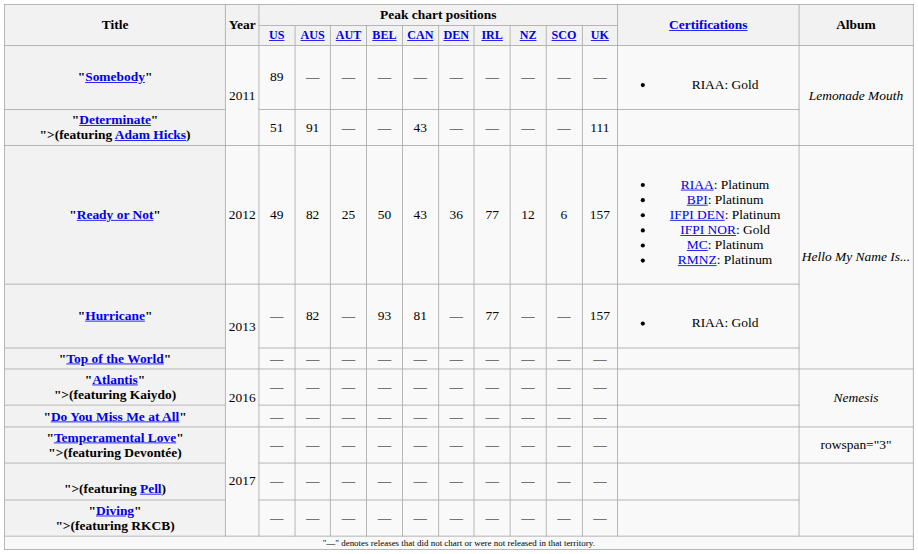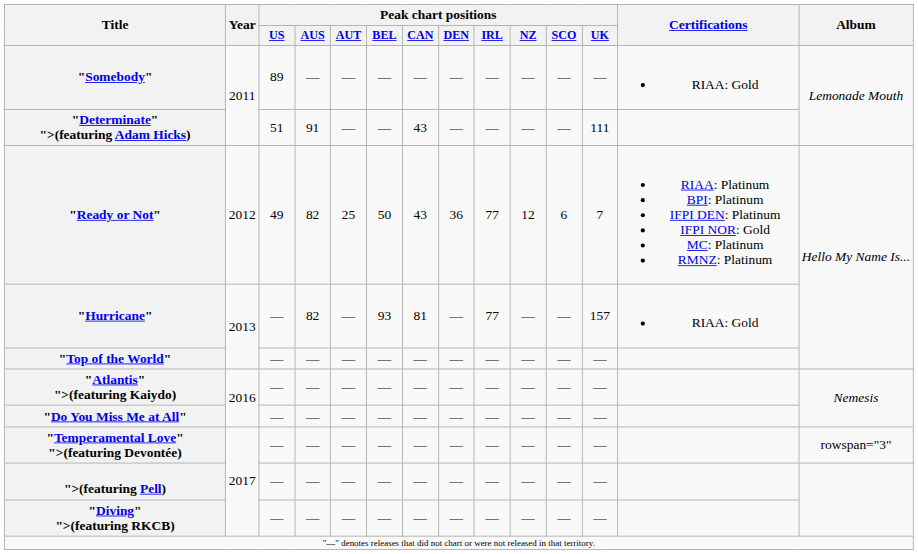 <table class="wikitable plainrowheaders" style="text-align:center;" border="1">
 <tr>
 <th scope="col" rowspan="2" style="width:16em;">Title</th>
 <th scope="col" rowspan="2">Year</th>
 <th scope="col" colspan="10">Peak chart positions</th>
 <th scope="col" rowspan="2" style="width:13em;"><a href='#'>Certifications</a></th>
 <th scope="col" rowspan="2">Album</th>
 </tr>
 <tr>
 <th scope="col" style="width:2.5em;font-size:90%;"><a href='#'>US</a><br></th>
 <th scope="col" style="width:2.5em;font-size:90%;"><a href='#'>AUS</a><br></th>
 <th scope="col" style="width:2.5em;font-size:90%;"><a href='#'>AUT</a><br></th>
 <th scope="col" style="width:2.5em;font-size:90%;"><a href='#'>BEL</a><br></th>
 <th scope="col" style="width:2.5em;font-size:90%;"><a href='#'>CAN</a><br></th>
 <th scope="col" style="width:2.5em;font-size:90%;"><a href='#'>DEN</a><br></th>
 <th scope="col" style="width:2.5em;font-size:90%;"><a href='#'>IRL</a><br></th>
 <th scope="col" style="width:2.5em;font-size:90%;"><a href='#'>NZ</a><br></th>
 <th scope="col" style="width:2.5em;font-size:90%;"><a href='#'>SCO</a><br></th>
 <th scope="col" style="width:2.5em;font-size:90%;"><a href='#'>UK</a><br></th>
 </tr>
 <tr>
 <th scope="row">"<a href='#'>Somebody</a>"</th>
 <td rowspan="2">2011</td>
 <td>89</td>
 <td>—</td>
 <td>—</td>
 <td>—</td>
 <td>—</td>
 <td>—</td>
 <td>—</td>
 <td>—</td>
 <td>—</td>
 <td>—</td>
 <td><br><ul><li>RIAA: Gold</li></ul></td>
 <td rowspan="2"><em>Lemonade Mouth</em></td>
 </tr>
 <tr>
 <th scope="row">"<a href='#'>Determinate</a>"<br><span>">(featuring <a href='#'>Adam Hicks</a>)</span></th>
 <td>51</td>
 <td>91</td>
 <td>—</td>
 <td>—</td>
 <td>43</td>
 <td>—</td>
 <td>—</td>
 <td>—</td>
 <td>—</td>
 <td>111</td>
 <td></td>
 </tr>
 <tr>
 <th scope="row">"<a href='#'>Ready or Not</a>"</th>
 <td>2012</td>
 <td>49</td>
 <td>82</td>
 <td>25</td>
 <td>50</td>
 <td>43</td>
 <td>36</td>
 <td>77</td>
 <td>12</td>
 <td>6</td>
-<td>157</td>
+<td>7</td>
 <td><br><ul><li><a href='#'>RIAA</a>: Platinum</li><li><a href='#'>BPI</a>: Platinum</li><li><a href='#'>IFPI DEN</a>: Platinum</li><li><a href='#'>IFPI NOR</a>: Gold</li><li><a href='#'>MC</a>: Platinum</li><li><a href='#'>RMNZ</a>: Platinum</li></ul></td>
 <td rowspan="3"><em>Hello My Name Is...</em></td>
 </tr>
 <tr>
 <th scope="row">"<a href='#'>Hurricane</a>"</th>
 <td rowspan="2">2013</td>
 <td>—</td>
 <td>82</td>
 <td>—</td>
 <td>93</td>
 <td>81</td>
 <td>—</td>
 <td>77</td>
 <td>—</td>
 <td>—</td>
 <td>157</td>
 <td><br><ul><li>RIAA: Gold</li></ul></td>
 </tr>
 <tr>
 <th scope="row">"<a href='#'>Top of the World</a>"</th>
 <td>—</td>
 <td>—</td>
 <td>—</td>
 <td>—</td>
 <td>—</td>
 <td>—</td>
 <td>—</td>
 <td>—</td>
 <td>—</td>
 <td>—</td>
 <td></td>
 </tr>
 <tr>
 <th scope="row">"<a href='#'>Atlantis</a>"<br><span>">(featuring Kaiydo)</span></th>
 <td rowspan="2">2016</td>
 <td>—</td>
 <td>—</td>
 <td>—</td>
 <td>—</td>
 <td>—</td>
 <td>—</td>
 <td>—</td>
 <td>—</td>
 <td>—</td>
 <td>—</td>
 <td></td>
 <td rowspan="2"><em>Nemesis</em></td>
 </tr>
 <tr>
 <th scope="row">"<a href='#'>Do You Miss Me at All</a>"</th>
 <td>—</td>
 <td>—</td>
 <td>—</td>
 <td>—</td>
 <td>—</td>
 <td>—</td>
 <td>—</td>
 <td>—</td>
 <td>—</td>
 <td>—</td>
 <td></td>
 </tr>
 <tr>
 <th scope="row">"<a href='#'>Temperamental Love</a>"<br><span>">(featuring Devontée)</span></th>
 <td rowspan="3">2017</td>
 <td>—</td>
 <td>—</td>
 <td>—</td>
 <td>—</td>
 <td>—</td>
 <td>—</td>
 <td>—</td>
 <td>—</td>
 <td>—</td>
 <td>—</td>
 <td></td>
 <td>rowspan="3" </td>
 </tr>
 <tr>
 <th scope="row"><br><span>">(featuring <a href='#'>Pell</a>)</span></th>
 <td>—</td>
 <td>—</td>
 <td>—</td>
 <td>—</td>
 <td>—</td>
 <td>—</td>
 <td>—</td>
 <td>—</td>
 <td>—</td>
 <td>—</td>
 <td></td>
 </tr>
 <tr>
 <th scope="row">"<a href='#'>Diving</a>"<br><span>">(featuring RKCB)</span></th>
 <td>—</td>
 <td>—</td>
 <td>—</td>
 <td>—</td>
 <td>—</td>
 <td>—</td>
 <td>—</td>
 <td>—</td>
 <td>—</td>
 <td>—</td>
 <td></td>
 </tr>
 <tr>
 <td align="center" colspan="15" style="font-size:8pt">"—" denotes releases that did not chart or were not released in that territory.</td>
 </tr>
 </table>
